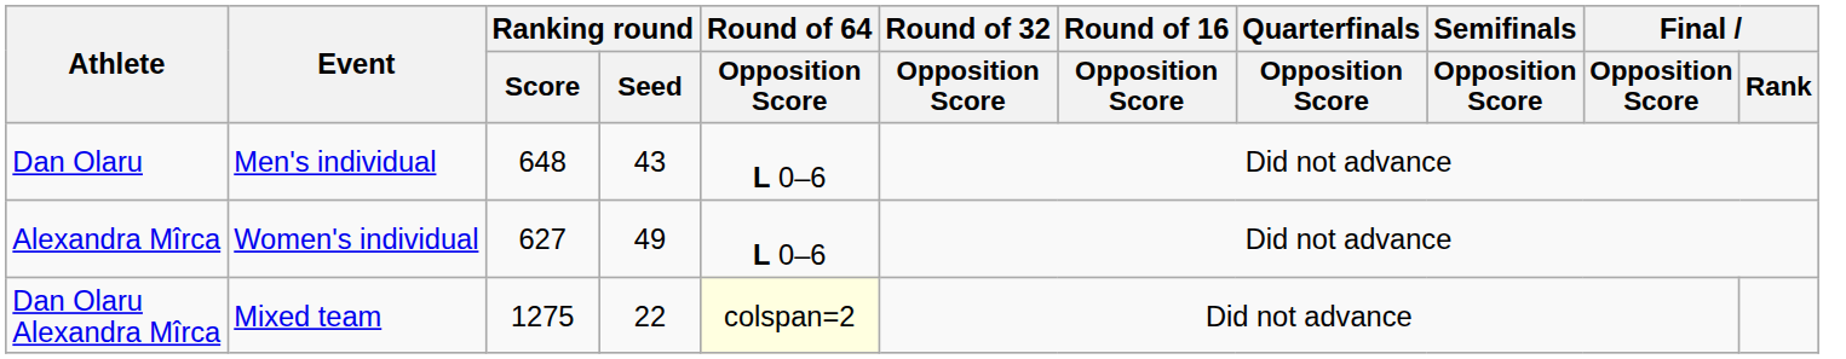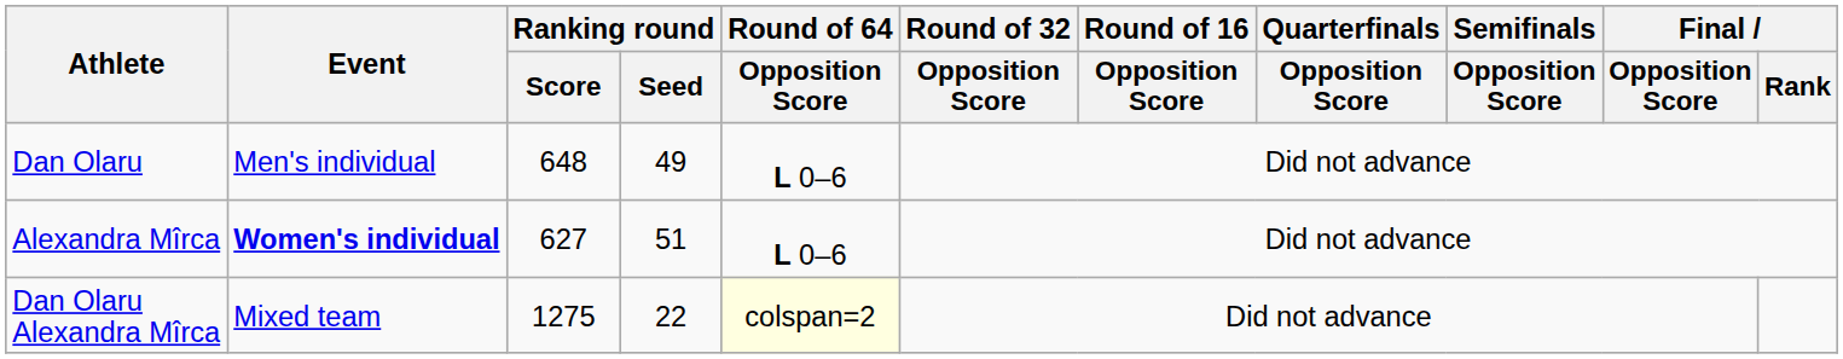 <table class="wikitable" style="font-size:90%">
 <tr>
 <th rowspan=2>Athlete</th>
 <th rowspan=2>Event</th>
 <th colspan="2">Ranking round</th>
 <th>Round of 64</th>
 <th>Round of 32</th>
 <th>Round of 16</th>
 <th>Quarterfinals</th>
 <th>Semifinals</th>
 <th colspan="2">Final / </th>
 </tr>
 <tr style="font-size:95%">
 <th>Score</th>
 <th>Seed</th>
 <th>Opposition<br>Score</th>
 <th>Opposition<br>Score</th>
 <th>Opposition<br>Score</th>
 <th>Opposition<br>Score</th>
 <th>Opposition<br>Score</th>
 <th>Opposition<br>Score</th>
 <th>Rank</th>
 </tr>
 <tr align=center>
 <td align=left><a href='#'>Dan Olaru</a></td>
 <td align=left><a href='#'>Men's individual</a></td>
 <td>648</td>
-<td>43</td>
+<td>49</td>
 <td> <br> <strong>L</strong> 0–6</td>
 <td colspan=6>Did not advance</td>
 </tr>
 <tr align=center>
 <td align=left><a href='#'>Alexandra Mîrca</a></td>
-<td align=left><a href='#'>Women's individual</a></td>
+<td align=left><strong><a href='#'>Women's individual</a></strong></td>
 <td>627</td>
-<td>49</td>
+<td>51</td>
 <td> <br> <strong>L</strong> 0–6</td>
 <td colspan=6>Did not advance</td>
 </tr>
 <tr align=center>
 <td align=left><a href='#'>Dan Olaru</a><br><a href='#'>Alexandra Mîrca</a></td>
 <td align=left><a href='#'>Mixed team</a></td>
 <td>1275</td>
 <td>22</td>
 <td style="background: lightyellow;">colspan=2 </td>
 <td colspan=5>Did not advance</td>
 </tr>
 </table>
